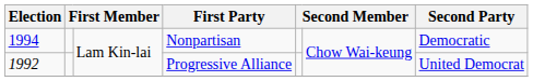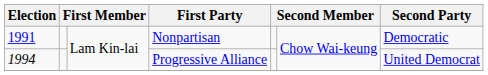 <table class="wikitable">
 <tr>
 <th>Election</th>
 <th colspan="2">First Member</th>
 <th>First Party</th>
 <th colspan="2">Second Member</th>
 <th>Second Party</th>
 </tr>
 <tr>
-<td><a href='#'>1994</a></td>
+<td><a href='#'>1991</a></td>
 <td style="background-color:"></td>
 <td rowspan=2>Lam Kin-lai</td>
 <td><a href='#'>Nonpartisan</a></td>
 <td style="background-color:"></td>
 <td rowspan=2><a href='#'>Chow Wai-keung</a></td>
 <td><a href='#'>Democratic</a></td>
 </tr>
 <tr>
-<td><em>1992</em></td>
+<td><em>1994</em></td>
 <td style="background-color:"></td>
 <td><a href='#'>Progressive Alliance</a></td>
 <td style="background-color:"></td>
 <td><a href='#'>United Democrat</a></td>
 </tr>
 <tr>
 </tr>
 </table>
